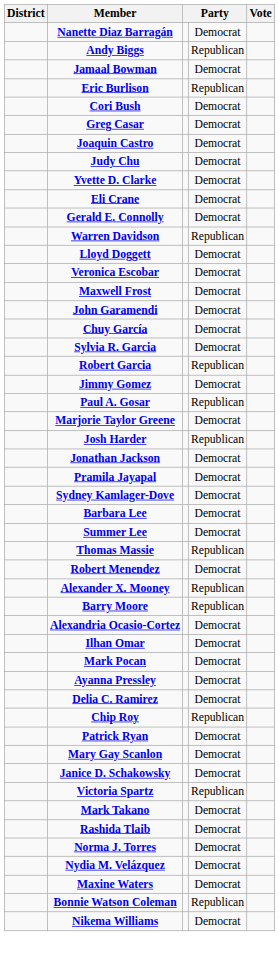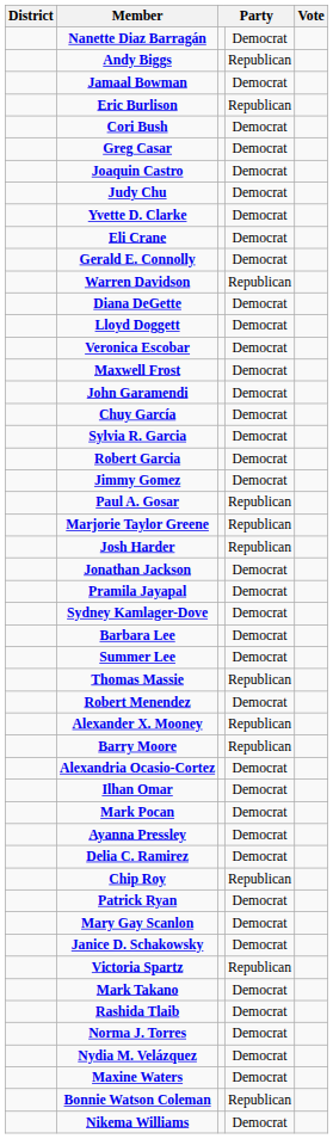 <table class="wikitable sortable mw-collapsible mw-collapsed" style="text-align:center;">
 <tr>
 <th>District</th>
 <th>Member</th>
 <th colspan=2>Party</th>
 <th>Vote</th>
 </tr>
 <tr>
 <td></td>
 <td><strong><a href='#'>Nanette Diaz Barragán</a></strong></td>
 <td style="background-color:"></td>
 <td>Democrat</td>
 <td></td>
 </tr>
 <tr>
 <td></td>
 <td><strong><a href='#'>Andy Biggs</a></strong></td>
 <td style="background-color:"></td>
 <td>Republican</td>
 <td></td>
 </tr>
 <tr>
 <td></td>
 <td><strong><a href='#'>Jamaal Bowman</a></strong></td>
 <td style="background-color:"></td>
 <td>Democrat</td>
 <td></td>
 </tr>
 <tr>
 <td></td>
 <td><strong><a href='#'>Eric Burlison</a></strong></td>
 <td style="background-color:"></td>
 <td>Republican</td>
 <td></td>
 </tr>
 <tr>
 <td></td>
 <td><strong><a href='#'>Cori Bush</a></strong></td>
 <td style="background-color:"></td>
 <td>Democrat</td>
 <td></td>
 </tr>
 <tr>
 <td></td>
 <td><strong><a href='#'>Greg Casar</a></strong></td>
 <td style="background-color:"></td>
 <td>Democrat</td>
 <td></td>
 </tr>
 <tr>
 <td></td>
 <td><strong><a href='#'>Joaquin Castro</a></strong></td>
 <td style="background-color:"></td>
 <td>Democrat</td>
 <td></td>
 </tr>
 <tr>
 <td></td>
 <td><strong><a href='#'>Judy Chu</a></strong></td>
 <td style="background-color:"></td>
 <td>Democrat</td>
 <td></td>
 </tr>
 <tr>
 <td></td>
 <td><strong><a href='#'>Yvette D. Clarke</a></strong></td>
 <td style="background-color:"></td>
 <td>Democrat</td>
 <td></td>
 </tr>
 <tr>
 <td></td>
 <td><strong><a href='#'>Eli Crane</a></strong></td>
 <td style="background-color:"></td>
 <td>Democrat</td>
 <td></td>
 </tr>
 <tr>
 <td></td>
 <td><strong><a href='#'>Gerald E. Connolly</a></strong></td>
 <td style="background-color:"></td>
 <td>Democrat</td>
 <td></td>
 </tr>
 <tr>
 <td></td>
 <td><strong><a href='#'>Warren Davidson</a></strong></td>
 <td style="background-color:"></td>
 <td>Republican</td>
 <td></td>
 </tr>
 <tr>
 <td></td>
+<td><strong><a href='#'>Diana DeGette</a></strong></td>
+<td style="background-color:"></td>
+<td>Democrat</td>
+<td></td>
+</tr>
+<tr>
+<td></td>
 <td><strong><a href='#'>Lloyd Doggett</a></strong></td>
 <td style="background-color:"></td>
 <td>Democrat</td>
 <td></td>
 </tr>
 <tr>
 <td></td>
 <td><strong><a href='#'>Veronica Escobar</a></strong></td>
 <td style="background-color:"></td>
 <td>Democrat</td>
 <td></td>
 </tr>
 <tr>
 <td></td>
 <td><strong><a href='#'>Maxwell Frost</a></strong></td>
 <td style="background-color:"></td>
 <td>Democrat</td>
 <td></td>
 </tr>
 <tr>
 <td></td>
 <td><strong><a href='#'>John Garamendi</a></strong></td>
 <td style="background-color:"></td>
 <td>Democrat</td>
 <td></td>
 </tr>
 <tr>
 <td></td>
 <td><strong><a href='#'>Chuy García</a></strong></td>
 <td style="background-color:"></td>
 <td>Democrat</td>
 <td></td>
 </tr>
 <tr>
 <td></td>
 <td><strong><a href='#'>Sylvia R. Garcia</a></strong></td>
 <td style="background-color:"></td>
 <td>Democrat</td>
 <td></td>
 </tr>
 <tr>
 <td></td>
 <td><strong><a href='#'>Robert Garcia</a></strong></td>
 <td style="background-color:"></td>
-<td>Republican</td>
+<td>Democrat</td>
 <td></td>
 </tr>
 <tr>
 <td></td>
 <td><strong><a href='#'>Jimmy Gomez</a></strong></td>
 <td style="background-color:"></td>
 <td>Democrat</td>
 <td></td>
 </tr>
 <tr>
 <td></td>
 <td><strong><a href='#'>Paul A. Gosar</a></strong></td>
 <td style="background-color:"></td>
 <td>Republican</td>
 <td></td>
 </tr>
 <tr>
 <td></td>
 <td><strong><a href='#'>Marjorie Taylor Greene</a></strong></td>
 <td style="background-color:"></td>
-<td>Democrat</td>
+<td>Republican</td>
 <td></td>
 </tr>
 <tr>
 <td></td>
 <td><strong><a href='#'>Josh Harder</a></strong></td>
 <td style="background-color:"></td>
 <td>Republican</td>
 <td></td>
 </tr>
 <tr>
 <td></td>
 <td><strong><a href='#'>Jonathan Jackson</a></strong></td>
 <td style="background-color:"></td>
 <td>Democrat</td>
 <td></td>
 </tr>
 <tr>
 <td></td>
 <td><strong><a href='#'>Pramila Jayapal</a></strong></td>
 <td style="background-color:"></td>
 <td>Democrat</td>
 <td></td>
 </tr>
 <tr>
 <td></td>
 <td><strong><a href='#'>Sydney Kamlager-Dove</a></strong></td>
 <td style="background-color:"></td>
 <td>Democrat</td>
 <td></td>
 </tr>
 <tr>
 <td></td>
 <td><strong><a href='#'>Barbara Lee</a></strong></td>
 <td style="background-color:"></td>
 <td>Democrat</td>
 <td></td>
 </tr>
 <tr>
 <td></td>
 <td><strong><a href='#'>Summer Lee</a></strong></td>
 <td style="background-color:"></td>
 <td>Democrat</td>
 <td></td>
 </tr>
 <tr>
 <td></td>
 <td><strong><a href='#'>Thomas Massie</a></strong></td>
 <td style="background-color:"></td>
 <td>Republican</td>
 <td></td>
 </tr>
 <tr>
 <td></td>
 <td><strong><a href='#'>Robert Menendez</a></strong></td>
 <td style="background-color:"></td>
 <td>Democrat</td>
 <td></td>
 </tr>
 <tr>
 <td></td>
 <td><strong><a href='#'>Alexander X. Mooney</a></strong></td>
 <td style="background-color:"></td>
 <td>Republican</td>
 <td></td>
 </tr>
 <tr>
 <td></td>
 <td><strong><a href='#'>Barry Moore</a></strong></td>
 <td style="background-color:"></td>
 <td>Republican</td>
 <td></td>
 </tr>
 <tr>
 <td></td>
 <td><strong><a href='#'>Alexandria Ocasio-Cortez</a></strong></td>
 <td style="background-color:"></td>
 <td>Democrat</td>
 <td></td>
 </tr>
 <tr>
 <td></td>
 <td><strong><a href='#'>Ilhan Omar</a></strong></td>
 <td style="background-color:"></td>
 <td>Democrat</td>
 <td></td>
 </tr>
 <tr>
 <td></td>
 <td><strong><a href='#'>Mark Pocan</a></strong></td>
 <td style="background-color:"></td>
 <td>Democrat</td>
 <td></td>
 </tr>
 <tr>
 <td></td>
 <td><strong><a href='#'>Ayanna Pressley</a></strong></td>
 <td style="background-color:"></td>
 <td>Democrat</td>
 <td></td>
 </tr>
 <tr>
 <td></td>
 <td><strong><a href='#'>Delia C. Ramirez</a></strong></td>
 <td style="background-color:"></td>
 <td>Democrat</td>
 <td></td>
 </tr>
 <tr>
 <td></td>
 <td><strong><a href='#'>Chip Roy</a></strong></td>
 <td style="background-color:"></td>
 <td>Republican</td>
 <td></td>
 </tr>
 <tr>
 <td></td>
 <td><strong><a href='#'>Patrick Ryan</a></strong></td>
 <td style="background-color:"></td>
 <td>Democrat</td>
 <td></td>
 </tr>
 <tr>
 <td></td>
 <td><strong><a href='#'>Mary Gay Scanlon</a></strong></td>
 <td style="background-color:"></td>
 <td>Democrat</td>
 <td></td>
 </tr>
 <tr>
 <td></td>
 <td><strong><a href='#'>Janice D. Schakowsky</a></strong></td>
 <td style="background-color:"></td>
 <td>Democrat</td>
 <td></td>
 </tr>
 <tr>
 <td></td>
 <td><strong><a href='#'>Victoria Spartz</a></strong></td>
 <td style="background-color:"></td>
 <td>Republican</td>
 <td></td>
 </tr>
 <tr>
 <td></td>
 <td><strong><a href='#'>Mark Takano</a></strong></td>
 <td style="background-color:"></td>
 <td>Democrat</td>
 <td></td>
 </tr>
 <tr>
 <td></td>
 <td><strong><a href='#'>Rashida Tlaib</a></strong></td>
 <td style="background-color:"></td>
 <td>Democrat</td>
 <td></td>
 </tr>
 <tr>
 <td></td>
 <td><strong><a href='#'>Norma J. Torres</a></strong></td>
 <td style="background-color:"></td>
 <td>Democrat</td>
 <td></td>
 </tr>
 <tr>
 <td></td>
 <td><strong><a href='#'>Nydia M. Velázquez</a></strong></td>
 <td style="background-color:"></td>
 <td>Democrat</td>
 <td></td>
 </tr>
 <tr>
 <td></td>
 <td><strong><a href='#'>Maxine Waters</a></strong></td>
 <td style="background-color:"></td>
 <td>Democrat</td>
 <td></td>
 </tr>
 <tr>
 <td></td>
 <td><strong><a href='#'>Bonnie Watson Coleman</a></strong></td>
 <td style="background-color:"></td>
 <td>Republican</td>
 <td></td>
 </tr>
 <tr>
 <td></td>
 <td><strong><a href='#'>Nikema Williams</a></strong></td>
 <td style="background-color:"></td>
 <td>Democrat</td>
 <td></td>
 </tr>
 </table>
